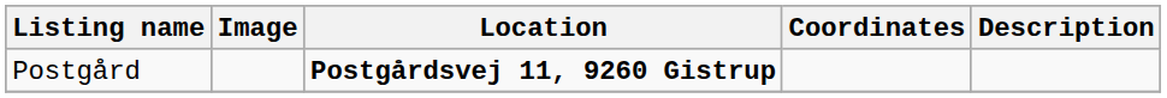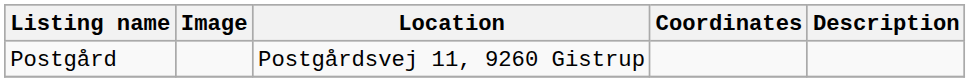 <table class="wikitable sortable">
 <tr>
 <th>Listing name</th>
 <th>Image</th>
 <th>Location</th>
 <th>Coordinates</th>
 <th>Description</th>
 </tr>
 <tr>
 <td>Postgård</td>
 <td></td>
-<td><strong>Postgårdsvej 11, 9260 Gistrup</strong></td>
+<td>Postgårdsvej 11, 9260 Gistrup</td>
 <td></td>
 <td></td>
 </tr>
 <tr>
 </tr>
 </table>
